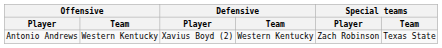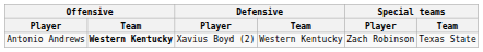 <table class="wikitable">
 <tr>
 <th colspan="2">Offensive</th>
 <th colspan="2">Defensive</th>
 <th colspan="2">Special teams</th>
 </tr>
 <tr>
 <th>Player</th>
 <th>Team</th>
 <th>Player</th>
 <th>Team</th>
 <th>Player</th>
 <th>Team</th>
 </tr>
 <tr>
 <td>Antonio Andrews</td>
-<td>Western Kentucky</td>
+<td><strong>Western Kentucky</strong></td>
 <td>Xavius Boyd (2)</td>
 <td>Western Kentucky</td>
 <td>Zach Robinson</td>
 <td>Texas State</td>
 </tr>
 </table>
